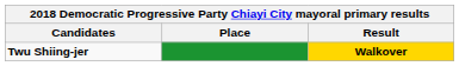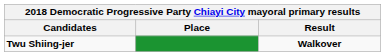 <table class="wikitable collapsible">
 <tr>
 <th colspan="5" width=600>2018 Democratic Progressive Party <a href='#'>Chiayi City</a> mayoral primary results</th>
 </tr>
 <tr>
 <th width=80>Candidates</th>
 <th width=80>Place</th>
 <th width=80>Result</th>
 </tr>
 <tr>
 <td><strong>Twu Shiing-jer</strong></td>
 <td style="background: #1B9431; text-align:center"><strong></strong></td>
-<td style="background: gold; text-align:center"><strong>Walkover</strong></td>
+<td style="text-align:center"><strong>Walkover</strong></td>
 </tr>
 </table>
